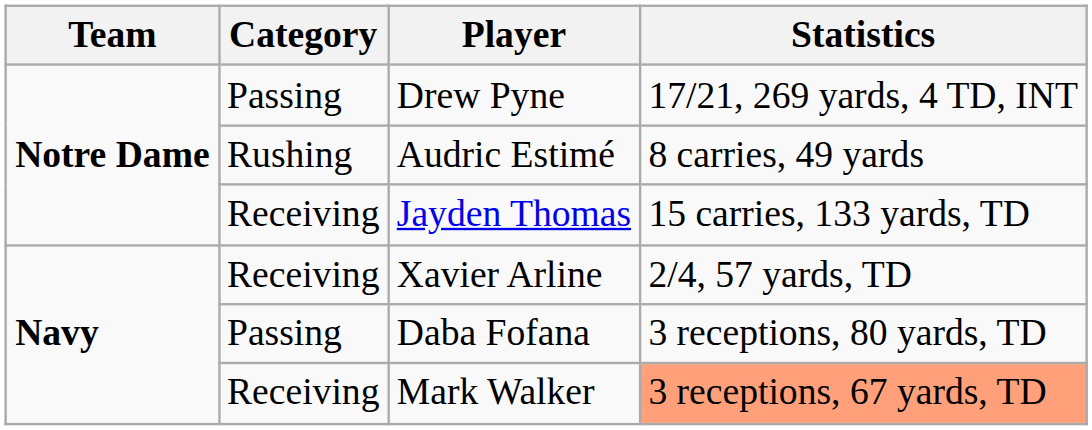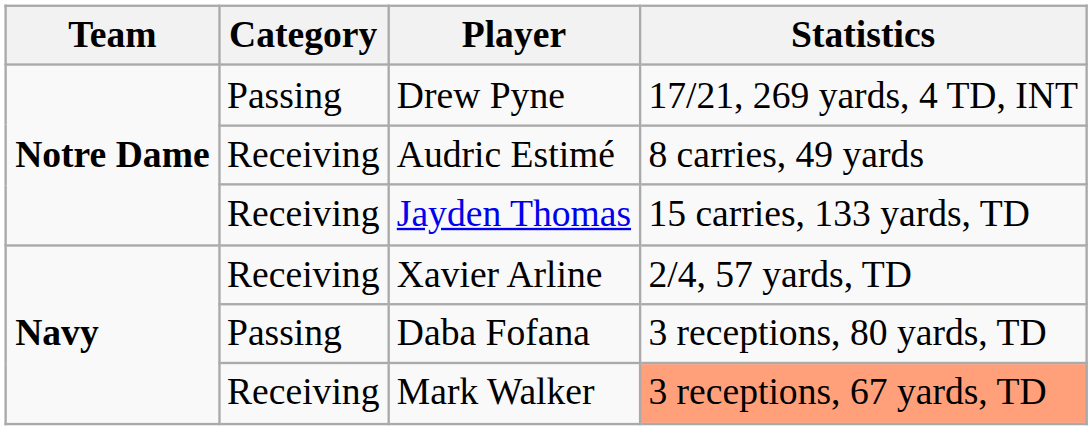 <table class="wikitable" style="float: right;">
 <tr>
 <th>Team</th>
 <th>Category</th>
 <th>Player</th>
 <th>Statistics</th>
 </tr>
 <tr>
 <td rowspan=3><strong>Notre Dame</strong></td>
 <td>Passing</td>
 <td>Drew Pyne</td>
 <td>17/21, 269 yards, 4 TD, INT</td>
 </tr>
 <tr>
-<td>Rushing</td>
+<td>Receiving</td>
 <td>Audric Estimé</td>
 <td>8 carries, 49 yards</td>
 </tr>
 <tr>
 <td>Receiving</td>
 <td><a href='#'>Jayden Thomas</a></td>
 <td>15 carries, 133 yards, TD</td>
 </tr>
 <tr>
 <td rowspan=3><strong>Navy</strong></td>
 <td>Receiving</td>
 <td>Xavier Arline</td>
 <td>2/4, 57 yards, TD</td>
 </tr>
 <tr>
 <td>Passing</td>
 <td>Daba Fofana</td>
 <td>3 receptions, 80 yards, TD</td>
 </tr>
 <tr>
 <td>Receiving</td>
 <td>Mark Walker</td>
 <td style="background: lightsalmon;">3 receptions, 67 yards, TD</td>
 </tr>
 </table>
